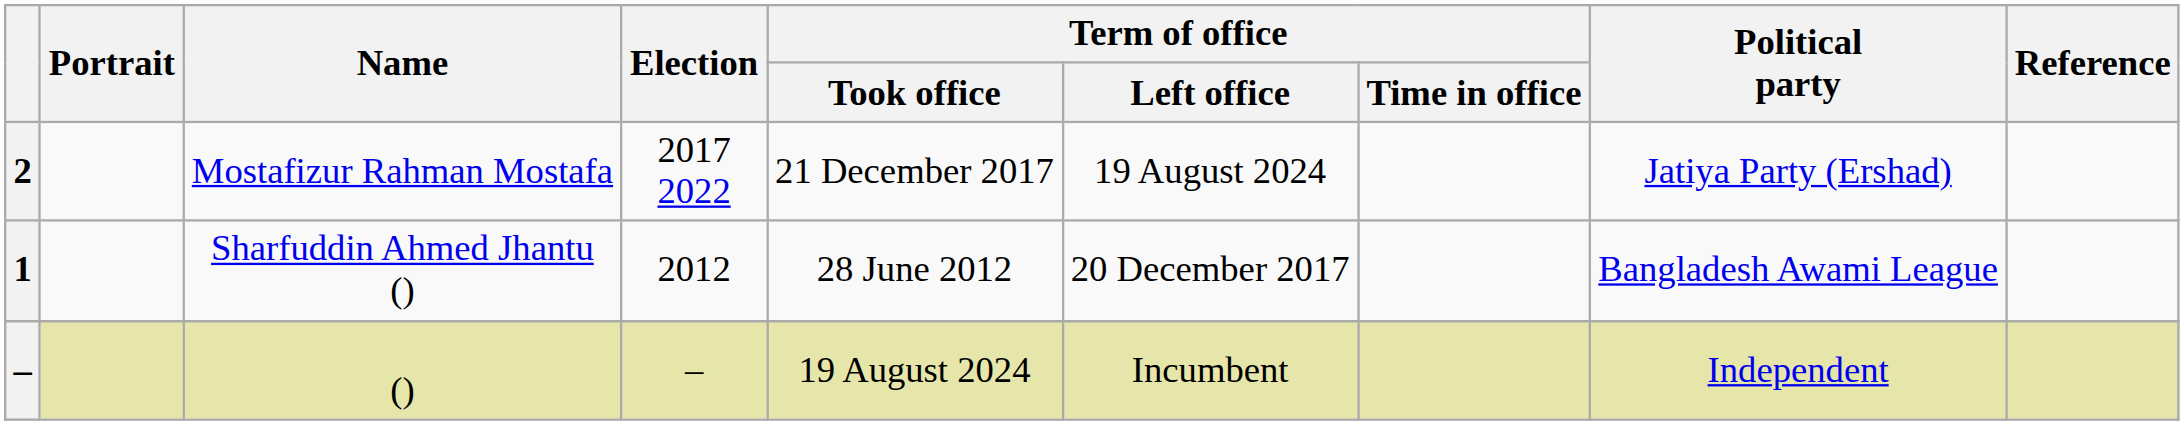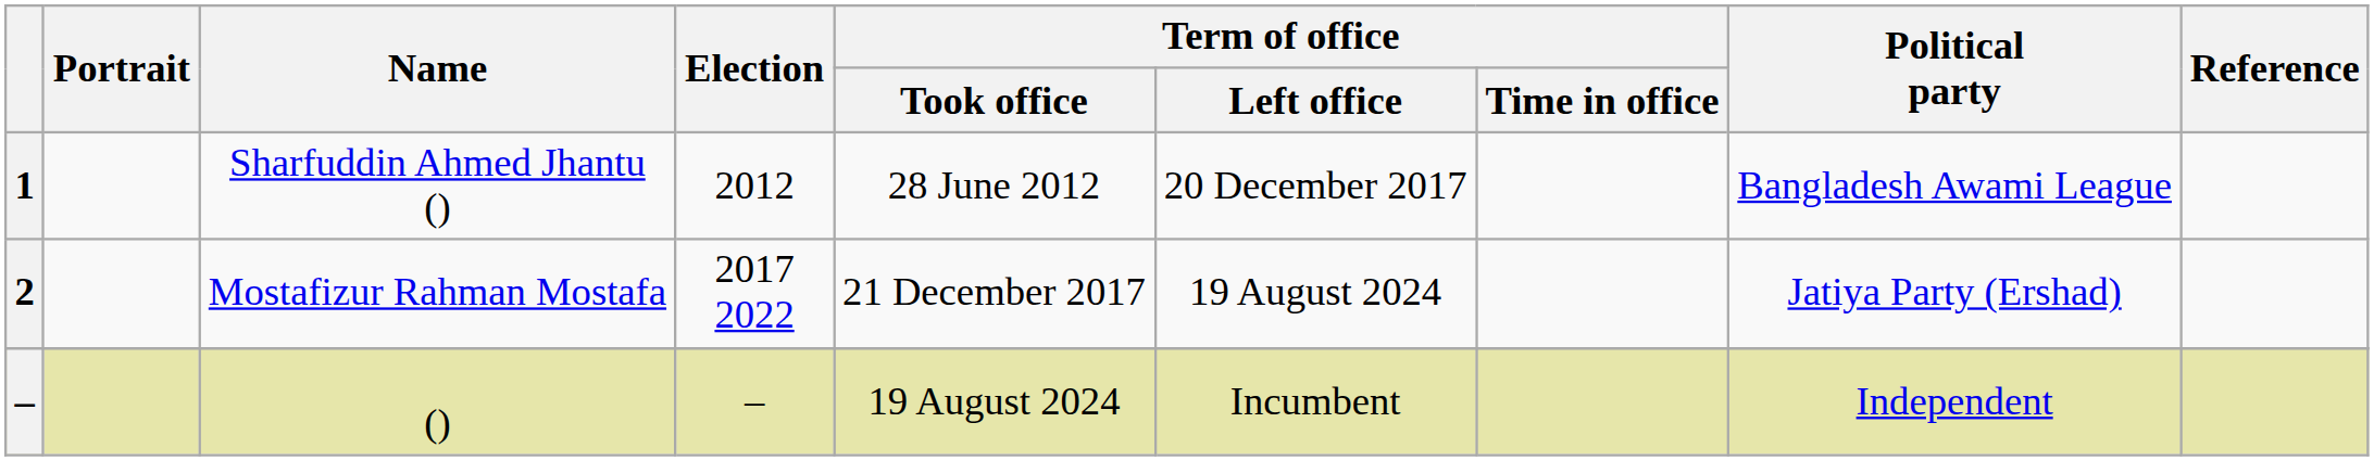 <table class="wikitable" style="text-align:center">
 <tr>
 <th rowspan="2"></th>
 <th rowspan="2">Portrait</th>
 <th rowspan="2">Name<br></th>
 <th rowspan="2">Election</th>
 <th colspan="3"><strong>Term of office</strong></th>
 <th rowspan="2"><strong>Political<br> party</strong></th>
 <th rowspan="2"><strong>Reference</strong></th>
 </tr>
 <tr>
 <th><strong>Took office</strong></th>
 <th><strong>Left office</strong></th>
 <th><strong>Time in office</strong></th>
 </tr>
 <tr>
+<th style="background:">1</th>
+<td></td>
+<td><a href='#'>Sharfuddin Ahmed Jhantu</a> <br>()</td>
+<td>2012</td>
+<td align=center>28 June 2012</td>
+<td align=center>20 December 2017</td>
+<td></td>
+<td><a href='#'>Bangladesh Awami League</a></td>
+<td></td>
+</tr>
+<tr>
 <th style="background:">2</th>
 <td></td>
 <td><a href='#'>Mostafizur Rahman Mostafa</a></td>
 <td>2017<br><a href='#'>2022</a></td>
 <td align=center>21 December 2017</td>
 <td align=center>19 August 2024</td>
 <td></td>
 <td><a href='#'>Jatiya Party (Ershad)</a></td>
-<td></td>
-</tr>
-<tr>
-<th style="background:">1</th>
-<td></td>
-<td><a href='#'>Sharfuddin Ahmed Jhantu</a> <br>()</td>
-<td>2012</td>
-<td align=center>28 June 2012</td>
-<td align=center>20 December 2017</td>
-<td></td>
-<td><a href='#'>Bangladesh Awami League</a></td>
 <td></td>
 </tr>
 <tr>
 </tr>
 <tr style="background:#e6e6aa;">
 <th style="background:">–</th>
 <td align=center></td>
 <td><br>()</td>
 <td>–</td>
 <td align=center>19 August 2024</td>
 <td align=center>Incumbent</td>
 <td></td>
 <td><a href='#'>Independent</a></td>
 <td></td>
 </tr>
 </table>
